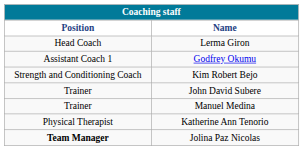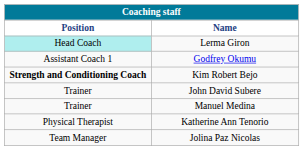 <table class="wikitable sortable" style="font-size:90%; text-align:center;">
 <tr>
 <th colspan="5" style= "background:#017A99; color:white; text-align: center">Coaching staff</th>
 </tr>
 <tr align=center>
 <th style="width:15em; background:white; color:#244183;">Position</th>
 <th style="width:15em; background:white; color:#244183;">Name</th>
 </tr>
 <tr>
-<td>Head Coach</td>
+<td style="background: paleturquoise;">Head Coach</td>
 <td> Lerma Giron</td>
 </tr>
 <tr>
 <td>Assistant Coach 1</td>
 <td> <a href='#'>Godfrey Okumu</a></td>
 </tr>
 <tr>
-<td>Strength and Conditioning Coach</td>
+<td><strong>Strength and Conditioning Coach</strong></td>
 <td> Kim Robert Bejo</td>
 </tr>
 <tr>
 <td>Trainer</td>
 <td>  John David Subere</td>
 </tr>
 <tr>
 <td>Trainer</td>
 <td> Manuel Medina</td>
 </tr>
 <tr>
 <td>Physical Therapist</td>
 <td> Katherine Ann Tenorio</td>
 </tr>
 <tr>
-<td><strong>Team Manager</strong></td>
+<td>Team Manager</td>
 <td> Jolina Paz Nicolas</td>
 </tr>
 </table>
